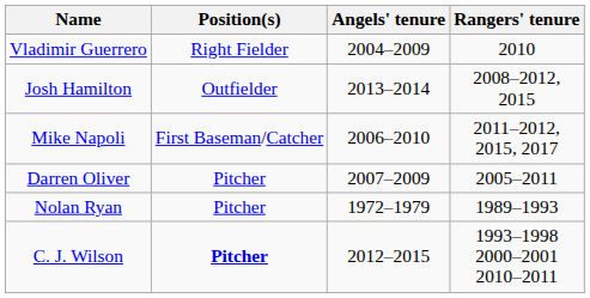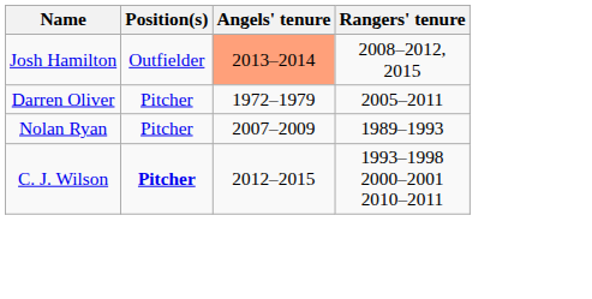 <table class="wikitable" style="text-align: center">
 <tr>
 <th>Name</th>
 <th>Position(s)</th>
 <th>Angels' tenure</th>
 <th>Rangers' tenure</th>
 </tr>
 <tr>
-<td><a href='#'>Vladimir Guerrero</a></td>
-<td><a href='#'>Right Fielder</a></td>
-<td>2004–2009</td>
-<td>2010</td>
-</tr>
-<tr>
 <td><a href='#'>Josh Hamilton</a></td>
 <td><a href='#'>Outfielder</a></td>
-<td>2013–2014</td>
+<td style="background: lightsalmon;">2013–2014</td>
 <td>2008–2012,<br>2015</td>
-</tr>
-<tr>
-<td><a href='#'>Mike Napoli</a></td>
-<td><a href='#'>First Baseman</a>/<a href='#'>Catcher</a></td>
-<td>2006–2010</td>
-<td>2011–2012,<br>2015, 2017</td>
 </tr>
 <tr>
 <td><a href='#'>Darren Oliver</a></td>
 <td><a href='#'>Pitcher</a></td>
-<td>2007–2009</td>
+<td>1972–1979</td>
 <td>2005–2011</td>
 </tr>
 <tr>
 <td><a href='#'>Nolan Ryan</a></td>
 <td><a href='#'>Pitcher</a></td>
-<td>1972–1979</td>
+<td>2007–2009</td>
 <td>1989–1993</td>
 </tr>
 <tr>
 <td><a href='#'>C. J. Wilson</a></td>
 <td><strong><a href='#'>Pitcher</a></strong></td>
 <td>2012–2015</td>
 <td>1993–1998<br>2000–2001<br>2010–2011</td>
 </tr>
 </table>
